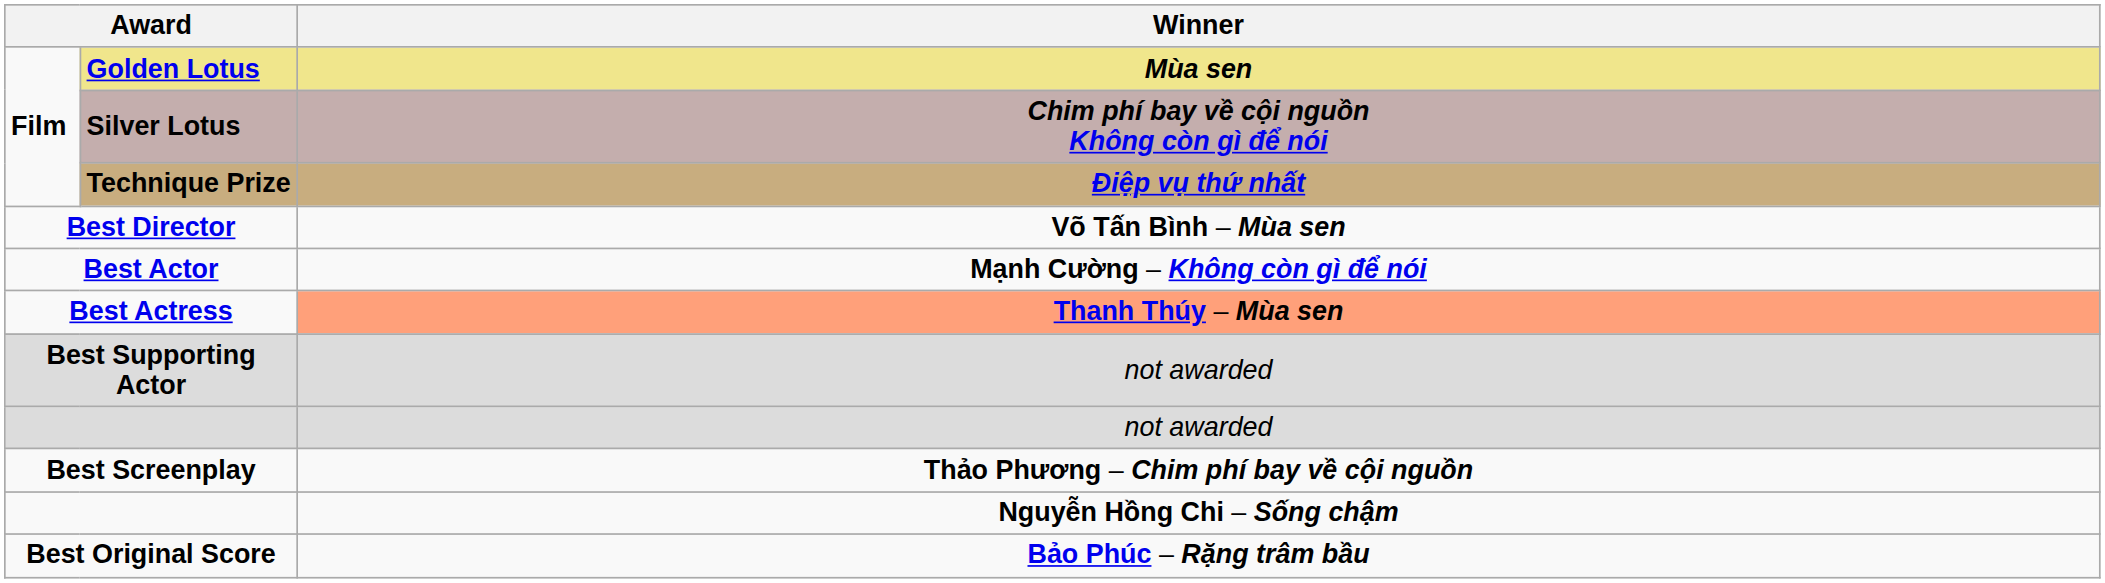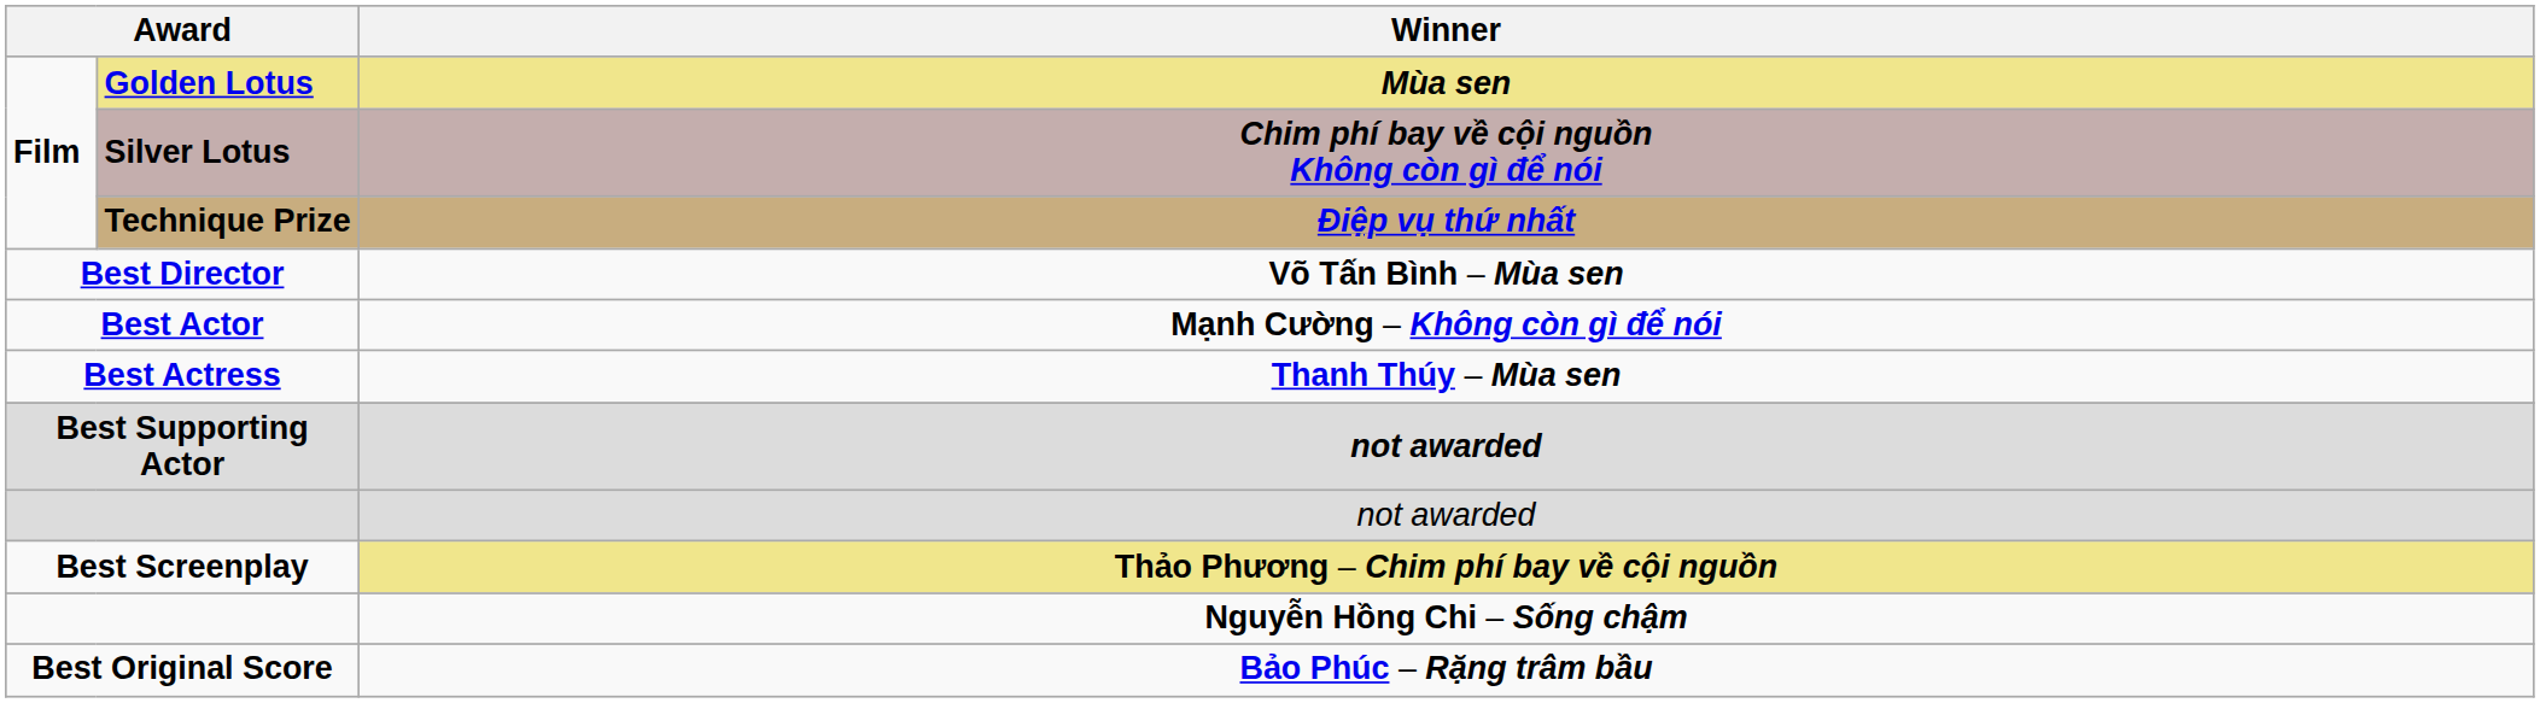 <table class=wikitable>
 <tr>
 <th width="12%" colspan="2">Award</th>
 <th width="76%">Winner</th>
 </tr>
 <tr>
 <td rowspan="3"><strong>Film</strong></td>
 <td style="background:#F0E68C"><strong><a href='#'>Golden Lotus</a></strong></td>
 <td style="background:#F0E68C" align=center><strong><em>Mùa sen</em></strong></td>
 </tr>
 <tr>
 <td style="background:#C4AEAD"><strong>Silver Lotus</strong></td>
 <td style="background:#C4AEAD" align=center><strong><em>Chim phí bay về cội nguồn</em></strong><br><strong><em><a href='#'>Không còn gì để nói</a></em></strong></td>
 </tr>
 <tr>
 <td style="background:#C8AD7F"><strong>Technique Prize</strong></td>
 <td style="background:#C8AD7F" align=center><strong><em><a href='#'>Điệp vụ thứ nhất</a></em></strong></td>
 </tr>
 <tr>
 <td colspan="2" align=center><strong><a href='#'>Best Director</a></strong></td>
 <td align=center><strong>Võ Tấn Bình</strong> – <strong><em>Mùa sen</em></strong></td>
 </tr>
 <tr>
 <td colspan="2" align=center><strong><a href='#'>Best Actor</a></strong></td>
 <td align=center><strong>Mạnh Cường</strong> – <strong><em><a href='#'>Không còn gì để nói</a></em></strong></td>
 </tr>
 <tr>
 <td colspan="2" align=center><strong><a href='#'>Best Actress</a></strong></td>
-<td align=center style="background: lightsalmon;"><strong><a href='#'>Thanh Thúy</a></strong> – <strong><em>Mùa sen</em></strong></td>
+<td align=center><strong><a href='#'>Thanh Thúy</a></strong> – <strong><em>Mùa sen</em></strong></td>
 </tr>
 <tr>
 <td colspan="2" align=center style="background:#DCDCDC"><strong>Best Supporting Actor</strong></td>
-<td align=center style="background:#DCDCDC"><em>not awarded</em></td>
+<td align=center style="background:#DCDCDC"><strong><em>not awarded</em></strong></td>
 </tr>
 <tr>
 <td colspan="2" align=center style="background:#DCDCDC"><strong></strong></td>
 <td align=center style="background:#DCDCDC"><em>not awarded</em></td>
 </tr>
 <tr>
 <td colspan="2" align=center><strong>Best Screenplay</strong></td>
-<td align=center><strong>Thảo Phương</strong> – <strong><em>Chim phí bay về cội nguồn</em></strong></td>
+<td align=center style="background: khaki;"><strong>Thảo Phương</strong> – <strong><em>Chim phí bay về cội nguồn</em></strong></td>
 </tr>
 <tr>
 <td colspan="2" align=center><strong></strong></td>
 <td align=center><strong>Nguyễn Hồng Chi</strong> – <strong><em>Sống chậm</em></strong></td>
 </tr>
 <tr>
 <td colspan="2" align=center><strong>Best Original Score</strong></td>
 <td align=center><strong><a href='#'>Bảo Phúc</a></strong> – <strong><em>Rặng trâm bầu</em></strong></td>
 </tr>
 </table>
